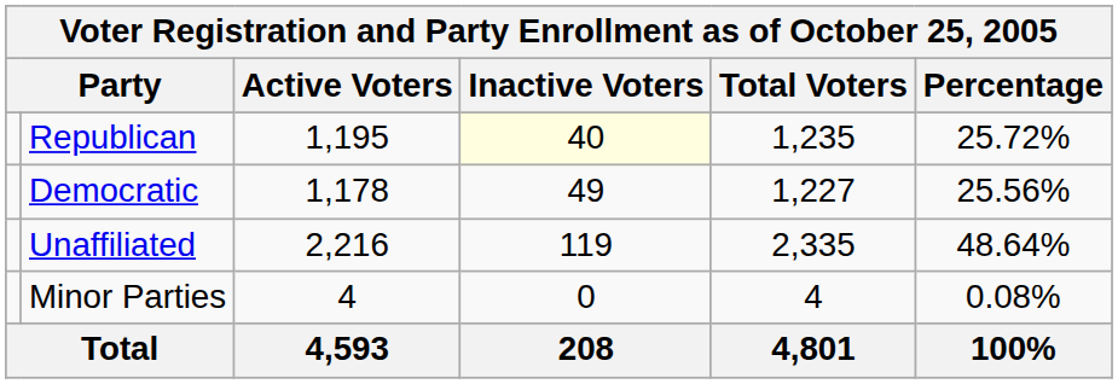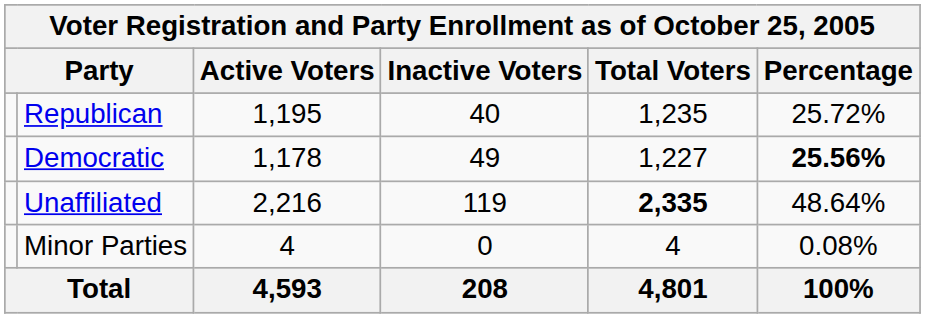 <table class=wikitable>
 <tr>
 <th colspan = 6>Voter Registration and Party Enrollment as of October 25, 2005</th>
 </tr>
 <tr>
 <th colspan = 2>Party</th>
 <th>Active Voters</th>
 <th>Inactive Voters</th>
 <th>Total Voters</th>
 <th>Percentage</th>
 </tr>
 <tr>
 <td></td>
 <td><a href='#'>Republican</a></td>
 <td align = center>1,195</td>
-<td align = center style="background: lightyellow;">40</td>
+<td align = center>40</td>
 <td align = center>1,235</td>
 <td align = center>25.72%</td>
 </tr>
 <tr>
 <td></td>
 <td><a href='#'>Democratic</a></td>
 <td align = center>1,178</td>
 <td align = center>49</td>
 <td align = center>1,227</td>
-<td align = center>25.56%</td>
+<td align = center><strong>25.56%</strong></td>
 </tr>
 <tr>
 <td></td>
 <td><a href='#'>Unaffiliated</a></td>
 <td align = center>2,216</td>
 <td align = center>119</td>
-<td align = center>2,335</td>
+<td align = center><strong>2,335</strong></td>
 <td align = center>48.64%</td>
 </tr>
 <tr>
 <td></td>
 <td>Minor Parties</td>
 <td align = center>4</td>
 <td align = center>0</td>
 <td align = center>4</td>
 <td align = center>0.08%</td>
 </tr>
 <tr>
 <th colspan = 2>Total</th>
 <th align = center>4,593</th>
 <th align = center>208</th>
 <th align = center>4,801</th>
 <th align = center>100%</th>
 </tr>
 </table>
